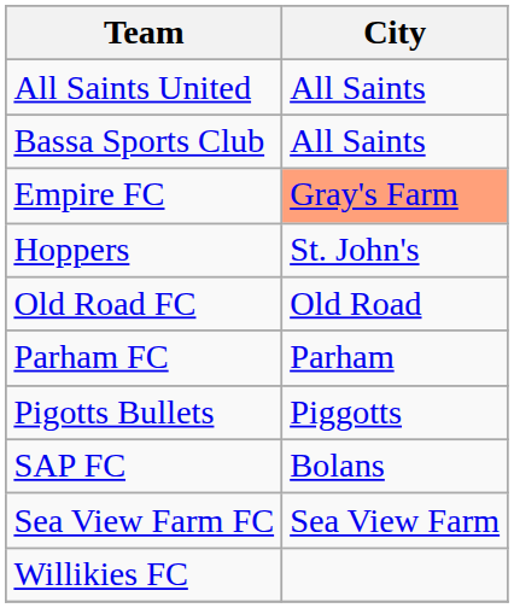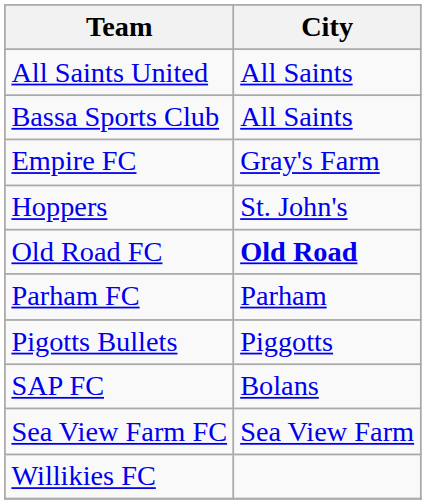 <table class="wikitable">
 <tr>
 <th>Team</th>
 <th>City</th>
 </tr>
 <tr>
 <td><a href='#'>All Saints United</a></td>
 <td><a href='#'>All Saints</a></td>
 </tr>
 <tr>
 <td><a href='#'>Bassa Sports Club</a></td>
 <td><a href='#'>All Saints</a></td>
 </tr>
 <tr>
 <td><a href='#'>Empire FC</a></td>
-<td style="background: lightsalmon;"><a href='#'>Gray's Farm</a></td>
+<td><a href='#'>Gray's Farm</a></td>
 </tr>
 <tr>
 <td><a href='#'>Hoppers</a></td>
 <td><a href='#'>St. John's</a></td>
 </tr>
 <tr>
 <td><a href='#'>Old Road FC</a></td>
-<td><a href='#'>Old Road</a></td>
+<td><strong><a href='#'>Old Road</a></strong></td>
 </tr>
 <tr>
 <td><a href='#'>Parham FC</a></td>
 <td><a href='#'>Parham</a></td>
 </tr>
 <tr>
 <td><a href='#'>Pigotts Bullets</a></td>
 <td><a href='#'>Piggotts</a></td>
 </tr>
 <tr>
 <td><a href='#'>SAP FC</a></td>
 <td><a href='#'>Bolans</a></td>
 </tr>
 <tr>
 <td><a href='#'>Sea View Farm FC</a></td>
 <td><a href='#'>Sea View Farm</a></td>
 </tr>
 <tr>
 <td><a href='#'>Willikies FC</a></td>
 <td></td>
 </tr>
 <tr>
 </tr>
 </table>
